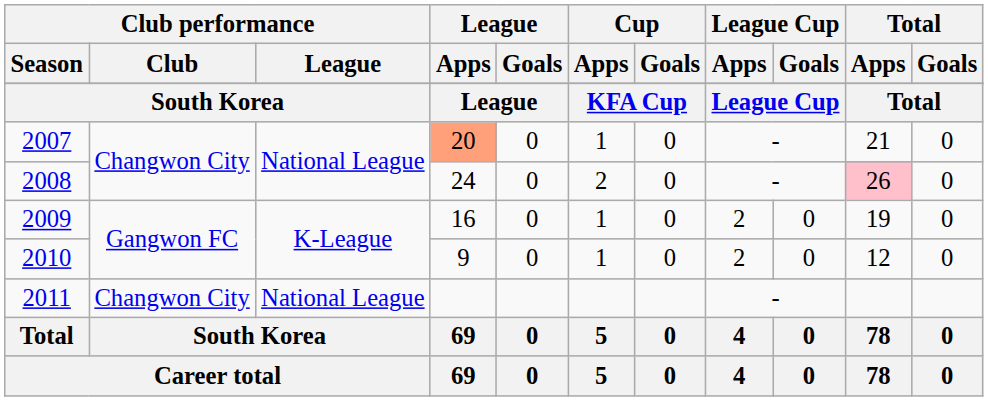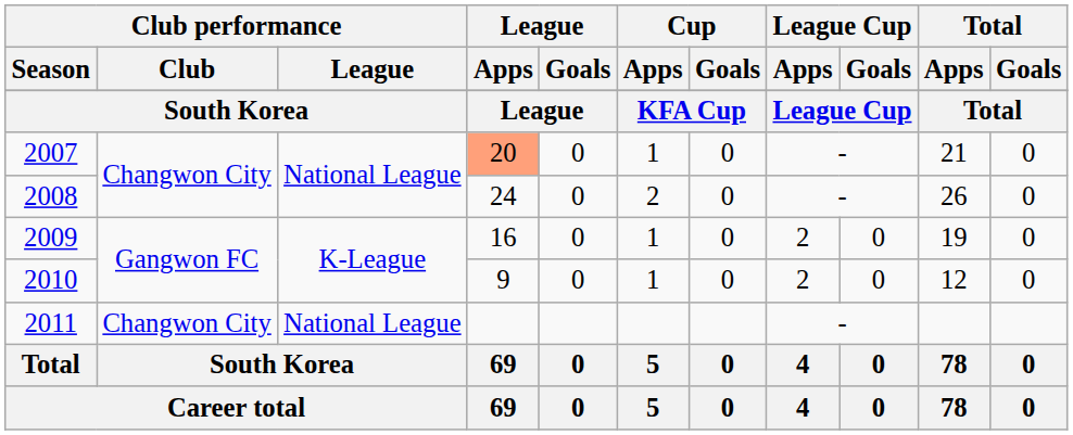 <table class="wikitable" style="text-align:center">
 <tr>
 <th colspan=3>Club performance</th>
 <th colspan=2>League</th>
 <th colspan=2>Cup</th>
 <th colspan=2>League Cup</th>
 <th colspan=2>Total</th>
 </tr>
 <tr>
 <th>Season</th>
 <th>Club</th>
 <th>League</th>
 <th>Apps</th>
 <th>Goals</th>
 <th>Apps</th>
 <th>Goals</th>
 <th>Apps</th>
 <th>Goals</th>
 <th>Apps</th>
 <th>Goals</th>
 </tr>
 <tr>
 </tr>
 <tr>
 <th colspan=3>South Korea</th>
 <th colspan=2>League</th>
 <th colspan=2><a href='#'>KFA Cup</a></th>
 <th colspan=2><a href='#'>League Cup</a></th>
 <th colspan=2>Total</th>
 </tr>
 <tr>
 <td><a href='#'>2007</a></td>
 <td rowspan=2><a href='#'>Changwon City</a></td>
 <td rowspan=2><a href='#'>National League</a></td>
 <td style="background: lightsalmon;">20</td>
 <td>0</td>
 <td>1</td>
 <td>0</td>
 <td colspan=2>-</td>
 <td>21</td>
 <td>0</td>
 </tr>
 <tr>
 <td><a href='#'>2008</a></td>
 <td>24</td>
 <td>0</td>
 <td>2</td>
 <td>0</td>
 <td colspan=2>-</td>
-<td style="background: pink;">26</td>
+<td>26</td>
 <td>0</td>
 </tr>
 <tr>
 <td><a href='#'>2009</a></td>
 <td rowspan=2><a href='#'>Gangwon FC</a></td>
 <td rowspan=2><a href='#'>K-League</a></td>
 <td>16</td>
 <td>0</td>
 <td>1</td>
 <td>0</td>
 <td>2</td>
 <td>0</td>
 <td>19</td>
 <td>0</td>
 </tr>
 <tr>
 <td><a href='#'>2010</a></td>
 <td>9</td>
 <td>0</td>
 <td>1</td>
 <td>0</td>
 <td>2</td>
 <td>0</td>
 <td>12</td>
 <td>0</td>
 </tr>
 <tr>
 <td><a href='#'>2011</a></td>
 <td rowspan=1><a href='#'>Changwon City</a></td>
 <td rowspan=1><a href='#'>National League</a></td>
 <td></td>
 <td></td>
 <td></td>
 <td></td>
 <td colspan=2>-</td>
 <td></td>
 <td></td>
 </tr>
 <tr>
 <th rowspan=1>Total</th>
 <th colspan=2>South Korea</th>
 <th>69</th>
 <th>0</th>
 <th>5</th>
 <th>0</th>
 <th>4</th>
 <th>0</th>
 <th>78</th>
 <th>0</th>
 </tr>
 <tr>
 <th colspan=3>Career total</th>
 <th>69</th>
 <th>0</th>
 <th>5</th>
 <th>0</th>
 <th>4</th>
 <th>0</th>
 <th>78</th>
 <th>0</th>
 </tr>
 </table>
